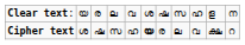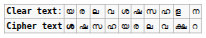 <table class="wikitable">
 <tr>
 <td><strong>Clear text</strong>:</td>
 <td>യ</td>
 <td>ര</td>
 <td>ല</td>
 <td>വ</td>
 <td>ശ</td>
 <td>ഷ</td>
 <td>സ</td>
 <td>ഹ</td>
 <td>ള</td>
 <td>ന</td>
 </tr>
 <tr>
 <td><strong>Cipher text</strong></td>
-<td>ശ</td>
+<td><strong>ശ</strong></td>
 <td>ഷ</td>
 <td>സ</td>
 <td>ഹ</td>
-<td><strong>യ</strong></td>
+<td>യ</td>
 <td>ര</td>
 <td>ല</td>
 <td>വ</td>
 <td>ക്ഷ</td>
 <td>റ</td>
 </tr>
 </table>
